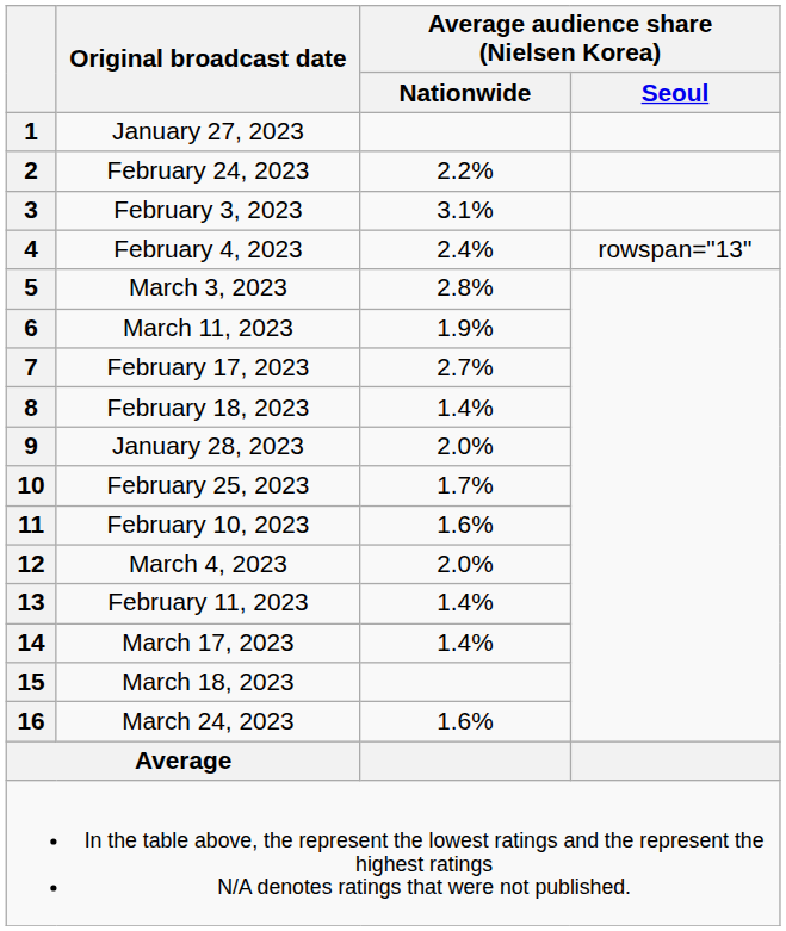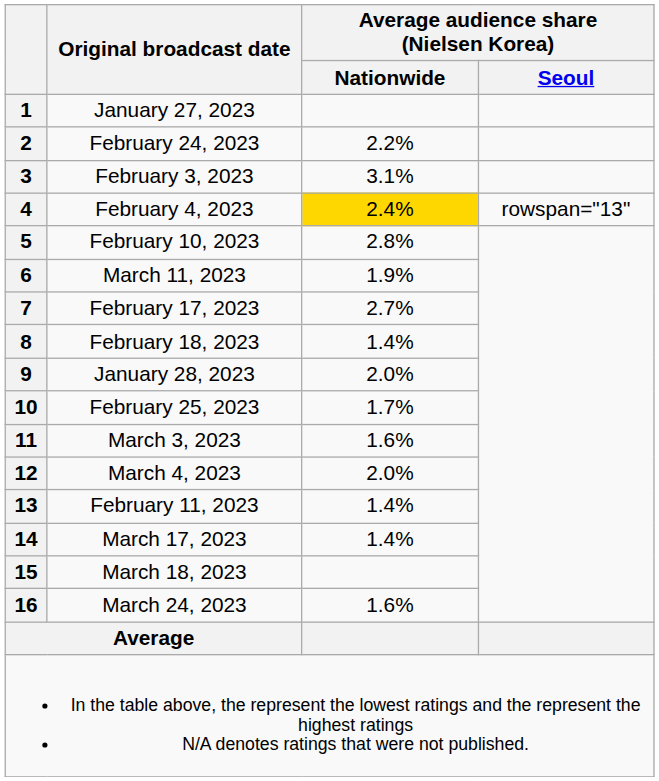 <table class="wikitable" style="text-align:center; max-width:500px; margin-left:auto; margin-right:auto">
 <tr>
 <th scope="col" rowspan="2"></th>
 <th scope="col" rowspan="2">Original broadcast date</th>
 <th scope="col" colspan="2">Average audience share<br>(Nielsen Korea)</th>
 </tr>
 <tr>
 <th scope="col" style="width:8em">Nationwide</th>
 <th scope="col" style="width:8em"><a href='#'>Seoul</a></th>
 </tr>
 <tr>
 <th scope="col">1</th>
 <td>January 27, 2023</td>
 <td><strong></strong> </td>
 <td><strong></strong> </td>
 </tr>
 <tr>
 <th scope="col">2</th>
 <td>February 24, 2023</td>
 <td>2.2% </td>
 <td></td>
 </tr>
 <tr>
 <th scope="col">3</th>
 <td>February 3, 2023</td>
 <td>3.1% </td>
 <td><strong></strong> </td>
 </tr>
 <tr>
 <th scope="col">4</th>
 <td>February 4, 2023</td>
-<td>2.4% </td>
+<td style="background: gold;">2.4% </td>
 <td>rowspan="13" </td>
 </tr>
 <tr>
 <th scope="col">5</th>
-<td>March 3, 2023</td>
+<td>February 10, 2023</td>
 <td>2.8% </td>
 </tr>
 <tr>
 <th scope="col">6</th>
 <td>March 11, 2023</td>
 <td>1.9% </td>
 </tr>
 <tr>
 <th scope="col">7</th>
 <td>February 17, 2023</td>
 <td>2.7% </td>
 </tr>
 <tr>
 <th scope="col">8</th>
 <td>February 18, 2023</td>
 <td blue>1.4% </td>
 </tr>
 <tr>
 <th scope="col">9</th>
 <td>January 28, 2023</td>
 <td>2.0% </td>
 </tr>
 <tr>
 <th scope="col">10</th>
 <td>February 25, 2023</td>
 <td>1.7% </td>
 </tr>
 <tr>
 <th scope="col">11</th>
-<td>February 10, 2023</td>
+<td>March 3, 2023</td>
 <td>1.6% </td>
 </tr>
 <tr>
 <th scope="col">12</th>
 <td>March 4, 2023</td>
 <td>2.0% </td>
 </tr>
 <tr>
 <th scope="col">13</th>
 <td>February 11, 2023</td>
 <td>1.4% </td>
 </tr>
 <tr>
 <th scope="col">14</th>
 <td>March 17, 2023</td>
 <td>1.4% </td>
 </tr>
 <tr>
 <th scope="col">15</th>
 <td>March 18, 2023</td>
 <td><strong></strong> </td>
 </tr>
 <tr>
 <th scope="col">16</th>
 <td>March 24, 2023</td>
 <td>1.6% </td>
 </tr>
 <tr>
 <th scope="col" colspan="2">Average</th>
 <th scope="col"></th>
 <th scope="col"></th>
 </tr>
 <tr>
 <td colspan="4" style="font-size:85%"><br><ul><li>In the table above, the <strong></strong> represent the lowest ratings and the <strong></strong> represent the highest ratings</li><li>N/A denotes ratings that were not published.</li></ul></td>
 </tr>
 </table>
